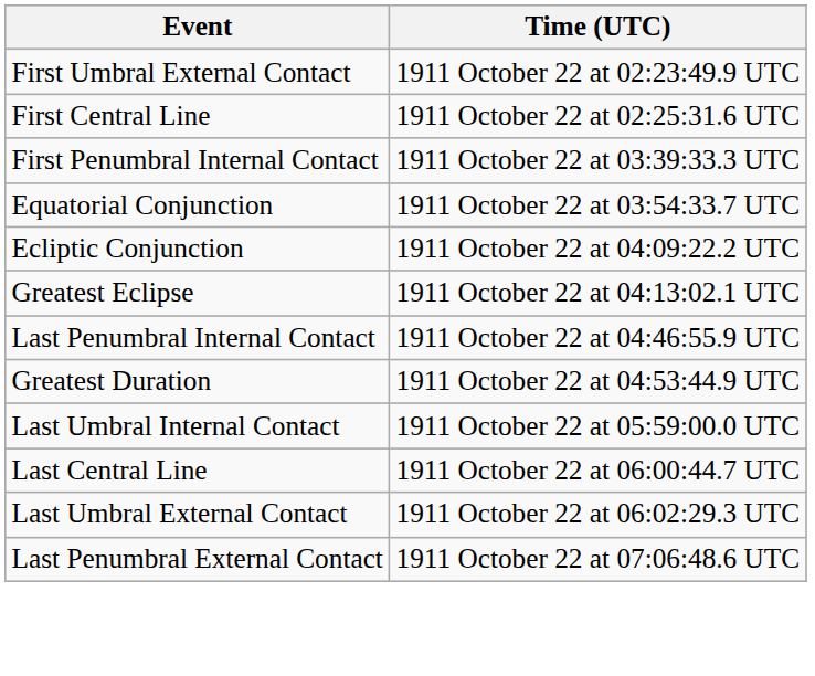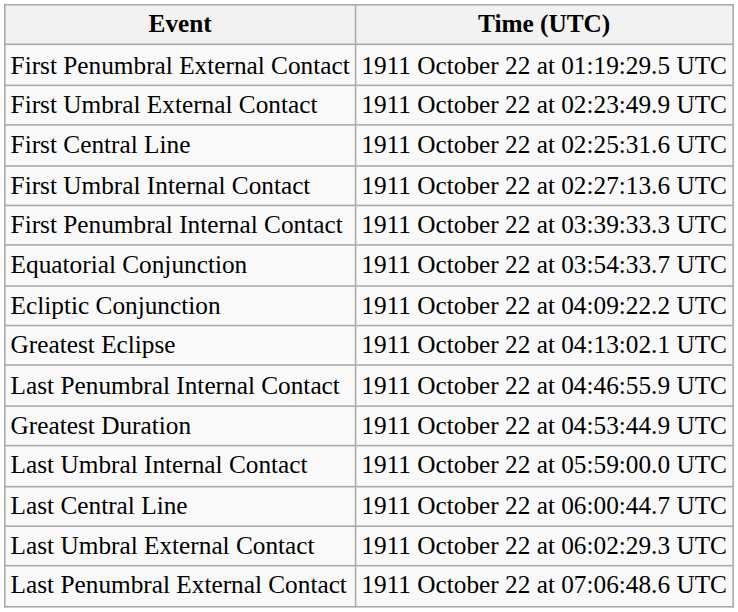 <table class="wikitable">
 <tr>
 <th>Event</th>
 <th>Time (UTC)</th>
+</tr>
+<tr>
+<td>First Penumbral External Contact</td>
+<td>1911 October 22 at 01:19:29.5 UTC</td>
 </tr>
 <tr>
 <td>First Umbral External Contact</td>
 <td>1911 October 22 at 02:23:49.9 UTC</td>
 </tr>
 <tr>
 <td>First Central Line</td>
 <td>1911 October 22 at 02:25:31.6 UTC</td>
+</tr>
+<tr>
+<td>First Umbral Internal Contact</td>
+<td>1911 October 22 at 02:27:13.6 UTC</td>
 </tr>
 <tr>
 <td>First Penumbral Internal Contact</td>
 <td>1911 October 22 at 03:39:33.3 UTC</td>
 </tr>
 <tr>
 <td>Equatorial Conjunction</td>
 <td>1911 October 22 at 03:54:33.7 UTC</td>
 </tr>
 <tr>
 <td>Ecliptic Conjunction</td>
 <td>1911 October 22 at 04:09:22.2 UTC</td>
 </tr>
 <tr>
 <td>Greatest Eclipse</td>
 <td>1911 October 22 at 04:13:02.1 UTC</td>
 </tr>
 <tr>
 <td>Last Penumbral Internal Contact</td>
 <td>1911 October 22 at 04:46:55.9 UTC</td>
 </tr>
 <tr>
 <td>Greatest Duration</td>
 <td>1911 October 22 at 04:53:44.9 UTC</td>
 </tr>
 <tr>
 <td>Last Umbral Internal Contact</td>
 <td>1911 October 22 at 05:59:00.0 UTC</td>
 </tr>
 <tr>
 <td>Last Central Line</td>
 <td>1911 October 22 at 06:00:44.7 UTC</td>
 </tr>
 <tr>
 <td>Last Umbral External Contact</td>
 <td>1911 October 22 at 06:02:29.3 UTC</td>
 </tr>
 <tr>
 <td>Last Penumbral External Contact</td>
 <td>1911 October 22 at 07:06:48.6 UTC</td>
 </tr>
 </table>
